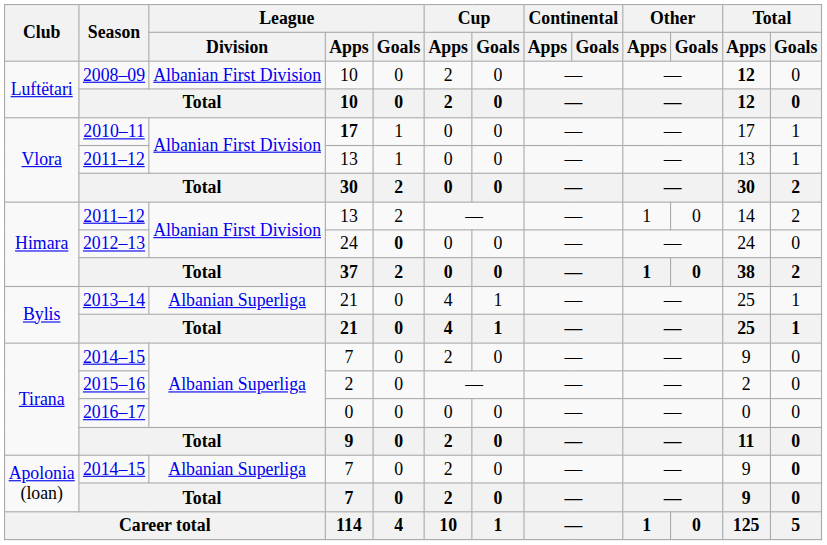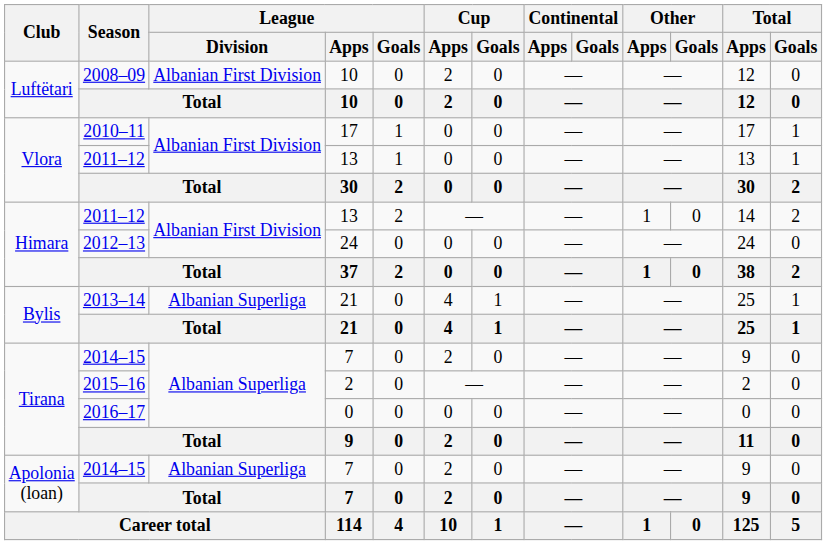 <table class="wikitable" style="text-align: center;">
 <tr>
 <th rowspan="2">Club</th>
 <th rowspan="2">Season</th>
 <th colspan="3">League</th>
 <th colspan="2">Cup</th>
 <th colspan="2">Continental</th>
 <th colspan="2">Other</th>
 <th colspan="2">Total</th>
 </tr>
 <tr>
 <th>Division</th>
 <th>Apps</th>
 <th>Goals</th>
 <th>Apps</th>
 <th>Goals</th>
 <th>Apps</th>
 <th>Goals</th>
 <th>Apps</th>
 <th>Goals</th>
 <th>Apps</th>
 <th>Goals</th>
 </tr>
 <tr>
 <td rowspan="2"><a href='#'>Luftëtari</a></td>
 <td><a href='#'>2008–09</a></td>
 <td rowspan="1"><a href='#'>Albanian First Division</a></td>
 <td>10</td>
 <td>0</td>
 <td>2</td>
 <td>0</td>
 <td colspan="2">—</td>
 <td colspan="2">—</td>
-<td><strong>12</strong></td>
+<td>12</td>
 <td>0</td>
 </tr>
 <tr>
 <th colspan="2">Total</th>
 <th>10</th>
 <th>0</th>
 <th>2</th>
 <th>0</th>
 <th colspan="2">—</th>
 <th colspan="2">—</th>
 <th>12</th>
 <th>0</th>
 </tr>
 <tr>
 <td rowspan="3"><a href='#'>Vlora</a></td>
 <td><a href='#'>2010–11</a></td>
 <td rowspan="2"><a href='#'>Albanian First Division</a></td>
-<td><strong>17</strong></td>
+<td>17</td>
 <td>1</td>
 <td>0</td>
 <td>0</td>
 <td colspan="2">—</td>
 <td colspan="2">—</td>
 <td>17</td>
 <td>1</td>
 </tr>
 <tr>
 <td><a href='#'>2011–12</a></td>
 <td>13</td>
 <td>1</td>
 <td>0</td>
 <td>0</td>
 <td colspan="2">—</td>
 <td colspan="2">—</td>
 <td>13</td>
 <td>1</td>
 </tr>
 <tr>
 <th colspan="2">Total</th>
 <th>30</th>
 <th>2</th>
 <th>0</th>
 <th>0</th>
 <th colspan="2">—</th>
 <th colspan="2">—</th>
 <th>30</th>
 <th>2</th>
 </tr>
 <tr>
 <td rowspan="3"><a href='#'>Himara</a></td>
 <td><a href='#'>2011–12</a></td>
 <td rowspan="2"><a href='#'>Albanian First Division</a></td>
 <td>13</td>
 <td>2</td>
 <td colspan="2">—</td>
 <td colspan="2">—</td>
 <td>1</td>
 <td>0</td>
 <td>14</td>
 <td>2</td>
 </tr>
 <tr>
 <td><a href='#'>2012–13</a></td>
 <td>24</td>
-<td><strong>0</strong></td>
+<td>0</td>
 <td>0</td>
 <td>0</td>
 <td colspan="2">—</td>
 <td colspan="2">—</td>
 <td>24</td>
 <td>0</td>
 </tr>
 <tr>
 <th colspan="2">Total</th>
 <th>37</th>
 <th>2</th>
 <th>0</th>
 <th>0</th>
 <th colspan="2">—</th>
 <th>1</th>
 <th>0</th>
 <th>38</th>
 <th>2</th>
 </tr>
 <tr>
 <td rowspan="2"><a href='#'>Bylis</a></td>
 <td><a href='#'>2013–14</a></td>
 <td rowspan=1><a href='#'>Albanian Superliga</a></td>
 <td>21</td>
 <td>0</td>
 <td>4</td>
 <td>1</td>
 <td colspan="2">—</td>
 <td colspan="2">—</td>
 <td>25</td>
 <td>1</td>
 </tr>
 <tr>
 <th colspan="2">Total</th>
 <th>21</th>
 <th>0</th>
 <th>4</th>
 <th>1</th>
 <th colspan="2">—</th>
 <th colspan="2">—</th>
 <th>25</th>
 <th>1</th>
 </tr>
 <tr>
 <td rowspan="4"><a href='#'>Tirana</a></td>
 <td><a href='#'>2014–15</a></td>
 <td rowspan="3"><a href='#'>Albanian Superliga</a></td>
 <td>7</td>
 <td>0</td>
 <td>2</td>
 <td>0</td>
 <td colspan="2">—</td>
 <td colspan="2">—</td>
 <td>9</td>
 <td>0</td>
 </tr>
 <tr>
 <td><a href='#'>2015–16</a></td>
 <td>2</td>
 <td>0</td>
 <td colspan="2">—</td>
 <td colspan="2">—</td>
 <td colspan="2">—</td>
 <td>2</td>
 <td>0</td>
 </tr>
 <tr>
 <td><a href='#'>2016–17</a></td>
 <td>0</td>
 <td>0</td>
 <td>0</td>
 <td>0</td>
 <td colspan="2">—</td>
 <td colspan="2">—</td>
 <td>0</td>
 <td>0</td>
 </tr>
 <tr>
 <th colspan="2">Total</th>
 <th>9</th>
 <th>0</th>
 <th>2</th>
 <th>0</th>
 <th colspan="2">—</th>
 <th colspan="2">—</th>
 <th>11</th>
 <th>0</th>
 </tr>
 <tr>
 <td rowspan="2"><a href='#'>Apolonia</a><br>(loan)</td>
 <td><a href='#'>2014–15</a></td>
 <td rowspan=1><a href='#'>Albanian Superliga</a></td>
 <td>7</td>
 <td>0</td>
 <td>2</td>
 <td>0</td>
 <td colspan="2">—</td>
 <td colspan="2">—</td>
 <td>9</td>
-<td><strong>0</strong></td>
+<td>0</td>
 </tr>
 <tr>
 <th colspan="2">Total</th>
 <th>7</th>
 <th>0</th>
 <th>2</th>
 <th>0</th>
 <th colspan="2">—</th>
 <th colspan="2">—</th>
 <th>9</th>
 <th>0</th>
 </tr>
 <tr>
 <th colspan="3">Career total</th>
 <th>114</th>
 <th>4</th>
 <th>10</th>
 <th>1</th>
 <th colspan="2">—</th>
 <th>1</th>
 <th>0</th>
 <th>125</th>
 <th>5</th>
 </tr>
 </table>
